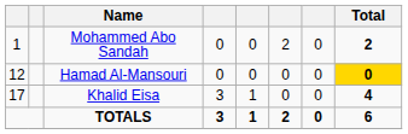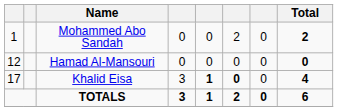 <table class="wikitable sortable alternance"  style="font-size:85%; text-align:center; line-height:14px; width:60%;">
 <tr>
 <th width=15></th>
 <th width=15></th>
 <th width=210>Name</th>
 <th width=40></th>
 <th width=40></th>
 <th width=40></th>
 <th width=40></th>
 <th width=80>Total</th>
 </tr>
 <tr>
 <td>1</td>
 <td></td>
 <td><a href='#'>Mohammed Abo Sandah</a></td>
 <td>0</td>
 <td>0</td>
 <td>2</td>
 <td>0</td>
 <td><strong>2</strong></td>
 </tr>
 <tr>
 <td>12</td>
 <td></td>
 <td><a href='#'>Hamad Al-Mansouri</a></td>
 <td>0</td>
 <td>0</td>
 <td>0</td>
 <td>0</td>
-<td style="background: gold;"><strong>0</strong></td>
+<td><strong>0</strong></td>
 </tr>
 <tr>
 <td>17</td>
 <td></td>
 <td><a href='#'>Khalid Eisa</a></td>
 <td>3</td>
-<td>1</td>
-<td>0</td>
+<td><strong>1</strong></td>
+<td><strong>0</strong></td>
 <td>0</td>
 <td><strong>4</strong></td>
 </tr>
 <tr>
 <td colspan="2"></td>
 <td><strong>TOTALS</strong></td>
 <td><strong>3</strong></td>
 <td><strong>1</strong></td>
 <td><strong>2</strong></td>
 <td><strong>0</strong></td>
 <td><strong>6</strong></td>
 </tr>
 <tr>
 </tr>
 </table>
